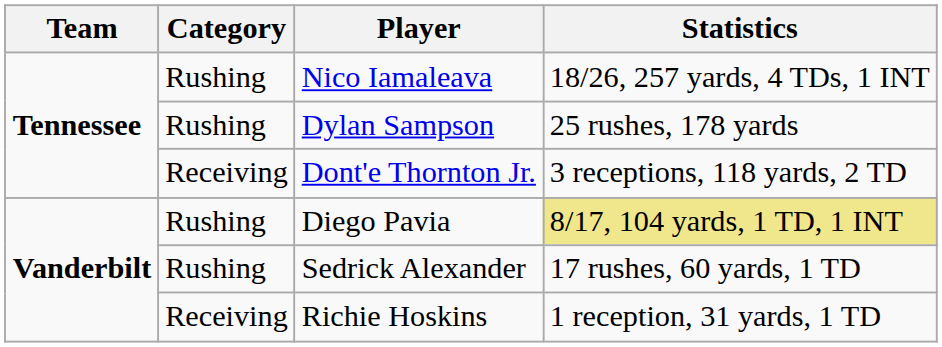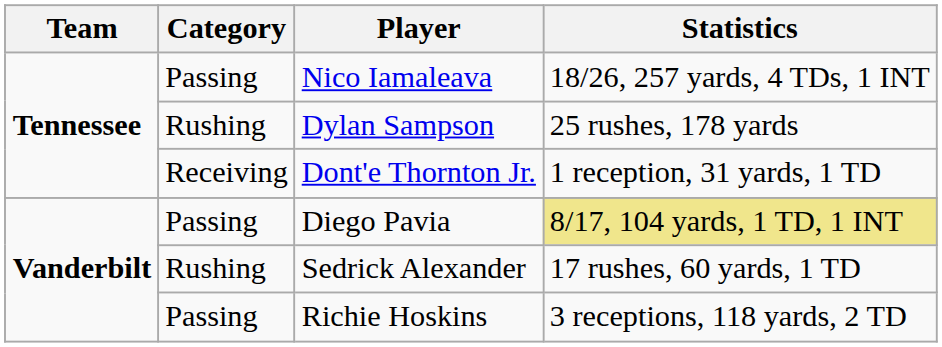 <table class="wikitable" style="float: right;">
 <tr>
 <th>Team</th>
 <th>Category</th>
 <th>Player</th>
 <th>Statistics</th>
 </tr>
 <tr>
 <td rowspan=3><strong>Tennessee</strong></td>
-<td>Rushing</td>
+<td>Passing</td>
 <td><a href='#'>Nico Iamaleava</a></td>
 <td>18/26, 257 yards, 4 TDs, 1 INT</td>
 </tr>
 <tr>
 <td>Rushing</td>
 <td><a href='#'>Dylan Sampson</a></td>
 <td>25 rushes, 178 yards</td>
 </tr>
 <tr>
 <td>Receiving</td>
 <td><a href='#'>Dont'e Thornton Jr.</a></td>
-<td>3 receptions, 118 yards, 2 TD</td>
+<td>1 reception, 31 yards, 1 TD</td>
 </tr>
 <tr>
 <td rowspan=3><strong>Vanderbilt</strong></td>
-<td>Rushing</td>
+<td>Passing</td>
 <td>Diego Pavia</td>
 <td style="background: khaki;">8/17, 104 yards, 1 TD, 1 INT</td>
 </tr>
 <tr>
 <td>Rushing</td>
 <td>Sedrick Alexander</td>
 <td>17 rushes, 60 yards, 1 TD</td>
 </tr>
 <tr>
-<td>Receiving</td>
+<td>Passing</td>
 <td>Richie Hoskins</td>
-<td>1 reception, 31 yards, 1 TD</td>
+<td>3 receptions, 118 yards, 2 TD</td>
 </tr>
 </table>
